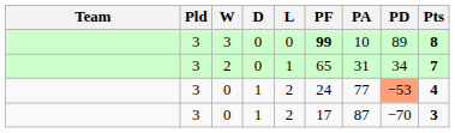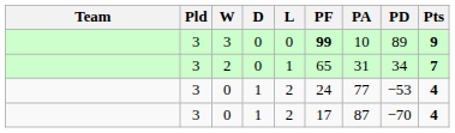 <table class="wikitable" style="text-align:center;">
 <tr>
 <th width=175>Team</th>
 <th width=25 abbr="Played">Pld</th>
 <th width=25 abbr="Won">W</th>
 <th width=25 abbr="Drawn">D</th>
 <th width=25 abbr="Lost">L</th>
 <th width=32 abbr="Points for">PF</th>
 <th width=32 abbr="Points against">PA</th>
 <th width=32 abbr="Points difference">PD</th>
 <th width=25 abbr="Points">Pts</th>
 </tr>
 <tr bgcolor=ccffcc>
 <td align=left></td>
 <td>3</td>
 <td>3</td>
 <td>0</td>
 <td>0</td>
 <td><strong>99</strong></td>
 <td>10</td>
 <td>89</td>
-<td><strong>8</strong></td>
+<td><strong>9</strong></td>
 </tr>
 <tr bgcolor=ccffcc>
 <td align=left></td>
 <td>3</td>
 <td>2</td>
 <td>0</td>
 <td>1</td>
 <td>65</td>
 <td>31</td>
 <td>34</td>
 <td><strong>7</strong></td>
 </tr>
 <tr>
 <td align=left></td>
 <td>3</td>
 <td>0</td>
 <td>1</td>
 <td>2</td>
 <td>24</td>
 <td>77</td>
-<td style="background: lightsalmon;">−53</td>
+<td>−53</td>
 <td><strong>4</strong></td>
 </tr>
 <tr>
 <td align=left></td>
 <td>3</td>
 <td>0</td>
 <td>1</td>
 <td>2</td>
 <td>17</td>
 <td>87</td>
 <td>−70</td>
-<td><strong>3</strong></td>
+<td><strong>4</strong></td>
 </tr>
 </table>
